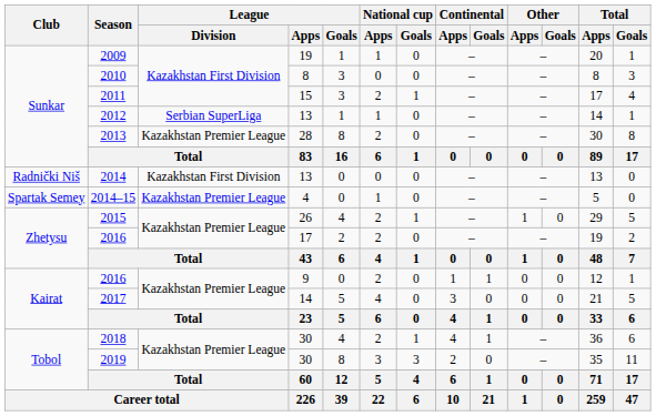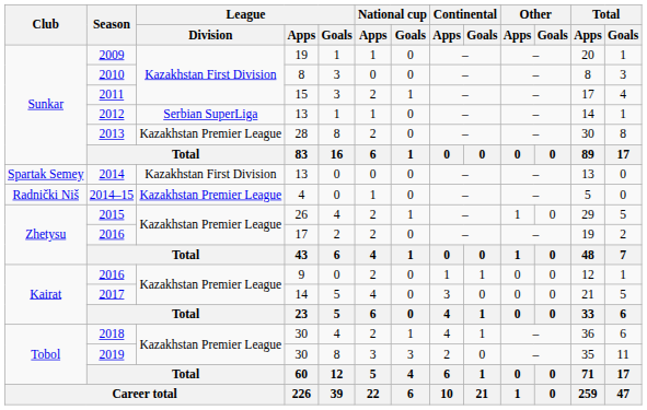 <table class="wikitable" style="text-align: center;">
 <tr>
 <th rowspan="2">Club</th>
 <th rowspan="2">Season</th>
 <th colspan="3">League</th>
 <th colspan="2">National cup</th>
 <th colspan="2">Continental</th>
 <th colspan="2">Other</th>
 <th colspan="2">Total</th>
 </tr>
 <tr>
 <th>Division</th>
 <th>Apps</th>
 <th>Goals</th>
 <th>Apps</th>
 <th>Goals</th>
 <th>Apps</th>
 <th>Goals</th>
 <th>Apps</th>
 <th>Goals</th>
 <th>Apps</th>
 <th>Goals</th>
 </tr>
 <tr>
 <td rowspan="6"><a href='#'>Sunkar</a></td>
 <td><a href='#'>2009</a></td>
 <td rowspan="3"><a href='#'>Kazakhstan First Division</a></td>
 <td>19</td>
 <td>1</td>
 <td>1</td>
 <td>0</td>
 <td colspan="2">–</td>
 <td colspan="2">–</td>
 <td>20</td>
 <td>1</td>
 </tr>
 <tr>
 <td><a href='#'>2010</a></td>
 <td>8</td>
 <td>3</td>
 <td>0</td>
 <td>0</td>
 <td colspan="2">–</td>
 <td colspan="2">–</td>
 <td>8</td>
 <td>3</td>
 </tr>
 <tr>
 <td><a href='#'>2011</a></td>
 <td>15</td>
 <td>3</td>
 <td>2</td>
 <td>1</td>
 <td colspan="2">–</td>
 <td colspan="2">–</td>
 <td>17</td>
 <td>4</td>
 </tr>
 <tr>
 <td><a href='#'>2012</a></td>
 <td><a href='#'>Serbian SuperLiga</a></td>
 <td>13</td>
 <td>1</td>
 <td>1</td>
 <td>0</td>
 <td colspan="2">–</td>
 <td colspan="2">–</td>
 <td>14</td>
 <td>1</td>
 </tr>
 <tr>
 <td><a href='#'>2013</a></td>
 <td>Kazakhstan Premier League</td>
 <td>28</td>
 <td>8</td>
 <td>2</td>
 <td>0</td>
 <td colspan="2">–</td>
 <td colspan="2">–</td>
 <td>30</td>
 <td>8</td>
 </tr>
 <tr>
 <th colspan="2">Total</th>
 <th>83</th>
 <th>16</th>
 <th>6</th>
 <th>1</th>
 <th>0</th>
 <th>0</th>
 <th>0</th>
 <th>0</th>
 <th>89</th>
 <th>17</th>
 </tr>
 <tr>
-<td><a href='#'>Radnički Niš</a></td>
+<td><a href='#'>Spartak Semey</a></td>
 <td><a href='#'>2014</a></td>
 <td>Kazakhstan First Division</td>
 <td>13</td>
 <td>0</td>
 <td>0</td>
 <td>0</td>
 <td colspan="2">–</td>
 <td colspan="2">–</td>
 <td>13</td>
 <td>0</td>
 </tr>
 <tr>
-<td><a href='#'>Spartak Semey</a></td>
+<td><a href='#'>Radnički Niš</a></td>
 <td><a href='#'>2014–15</a></td>
 <td><a href='#'>Kazakhstan Premier League</a></td>
 <td>4</td>
 <td>0</td>
 <td>1</td>
 <td>0</td>
 <td colspan="2">–</td>
 <td colspan="2">–</td>
 <td>5</td>
 <td>0</td>
 </tr>
 <tr>
 <td rowspan="3"><a href='#'>Zhetysu</a></td>
 <td><a href='#'>2015</a></td>
 <td rowspan="2">Kazakhstan Premier League</td>
 <td>26</td>
 <td>4</td>
 <td>2</td>
 <td>1</td>
 <td colspan="2">–</td>
 <td>1</td>
 <td>0</td>
 <td>29</td>
 <td>5</td>
 </tr>
 <tr>
 <td><a href='#'>2016</a></td>
 <td>17</td>
 <td>2</td>
 <td>2</td>
 <td>0</td>
 <td colspan="2">–</td>
 <td colspan="2">–</td>
 <td>19</td>
 <td>2</td>
 </tr>
 <tr>
 <th colspan="2">Total</th>
 <th>43</th>
 <th>6</th>
 <th>4</th>
 <th>1</th>
 <th>0</th>
 <th>0</th>
 <th>1</th>
 <th>0</th>
 <th>48</th>
 <th>7</th>
 </tr>
 <tr>
 <td rowspan="3"><a href='#'>Kairat</a></td>
 <td><a href='#'>2016</a></td>
 <td rowspan="2">Kazakhstan Premier League</td>
 <td>9</td>
 <td>0</td>
 <td>2</td>
 <td>0</td>
 <td>1</td>
 <td>1</td>
 <td>0</td>
 <td>0</td>
 <td>12</td>
 <td>1</td>
 </tr>
 <tr>
 <td><a href='#'>2017</a></td>
 <td>14</td>
 <td>5</td>
 <td>4</td>
 <td>0</td>
 <td>3</td>
 <td>0</td>
 <td>0</td>
 <td>0</td>
 <td>21</td>
 <td>5</td>
 </tr>
 <tr>
 <th colspan="2">Total</th>
 <th>23</th>
 <th>5</th>
 <th>6</th>
 <th>0</th>
 <th>4</th>
 <th>1</th>
 <th>0</th>
 <th>0</th>
 <th>33</th>
 <th>6</th>
 </tr>
 <tr>
 <td rowspan="3"><a href='#'>Tobol</a></td>
 <td><a href='#'>2018</a></td>
 <td rowspan="2">Kazakhstan Premier League</td>
 <td>30</td>
 <td>4</td>
 <td>2</td>
 <td>1</td>
 <td>4</td>
 <td>1</td>
 <td colspan="2">–</td>
 <td>36</td>
 <td>6</td>
 </tr>
 <tr>
 <td><a href='#'>2019</a></td>
 <td>30</td>
 <td>8</td>
 <td>3</td>
 <td>3</td>
 <td>2</td>
 <td>0</td>
 <td colspan="2">–</td>
 <td>35</td>
 <td>11</td>
 </tr>
 <tr>
 <th colspan="2">Total</th>
 <th>60</th>
 <th>12</th>
 <th>5</th>
 <th>4</th>
 <th>6</th>
 <th>1</th>
 <th>0</th>
 <th>0</th>
 <th>71</th>
 <th>17</th>
 </tr>
 <tr>
 <th colspan="3">Career total</th>
 <th>226</th>
 <th>39</th>
 <th>22</th>
 <th>6</th>
 <th>10</th>
 <th>21</th>
 <th>1</th>
 <th>0</th>
 <th>259</th>
 <th>47</th>
 </tr>
 </table>
